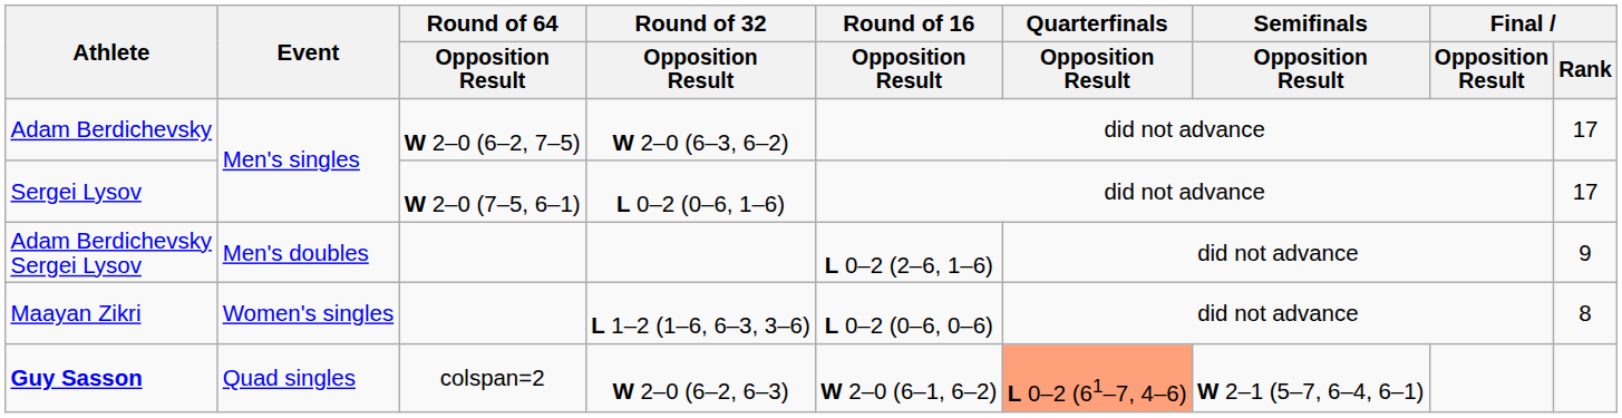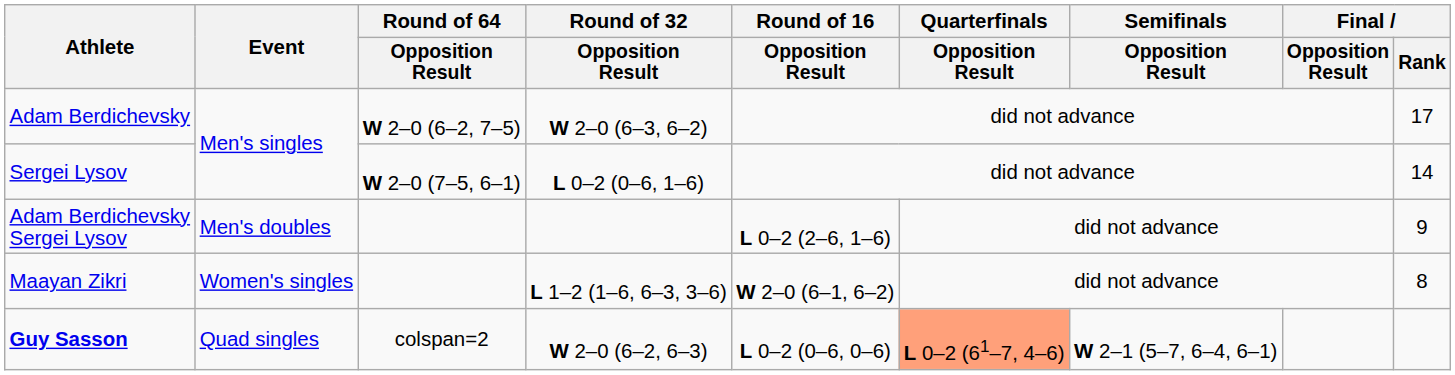 <table class="wikitable" style="font-size:90%;">
 <tr>
 <th rowspan=2>Athlete</th>
 <th rowspan=2>Event</th>
 <th>Round of 64</th>
 <th>Round of 32</th>
 <th>Round of 16</th>
 <th>Quarterfinals</th>
 <th>Semifinals</th>
 <th colspan=2>Final / </th>
 </tr>
 <tr style="font-size:95%">
 <th>Opposition<br>Result</th>
 <th>Opposition<br>Result</th>
 <th>Opposition<br>Result</th>
 <th>Opposition<br>Result</th>
 <th>Opposition<br>Result</th>
 <th>Opposition<br>Result</th>
 <th>Rank</th>
 </tr>
 <tr align=center>
 <td align=left><a href='#'>Adam Berdichevsky</a></td>
 <td rowspan=2 align=left><a href='#'>Men's singles</a></td>
 <td><br><strong>W</strong> 2–0 (6–2, 7–5)</td>
 <td><br><strong>W</strong> 2–0 (6–3, 6–2)</td>
 <td colspan=4>did not advance</td>
 <td>17</td>
 </tr>
 <tr align=center>
 <td align=left><a href='#'>Sergei Lysov</a></td>
 <td><br><strong>W</strong> 2–0 (7–5, 6–1)</td>
 <td><br><strong>L</strong> 0–2 (0–6, 1–6)</td>
 <td colspan=4>did not advance</td>
-<td>17</td>
+<td>14</td>
 </tr>
 <tr align=center>
 <td align=left><a href='#'>Adam Berdichevsky</a><br><a href='#'>Sergei Lysov</a></td>
 <td align=left><a href='#'>Men's doubles</a></td>
 <td></td>
 <td></td>
 <td><br><strong>L</strong> 0–2 (2–6, 1–6)</td>
 <td colspan=3>did not advance</td>
 <td>9</td>
 </tr>
 <tr align=center>
 <td align=left><a href='#'>Maayan Zikri</a></td>
 <td align=left><a href='#'>Women's singles</a></td>
 <td></td>
 <td><br><strong>L</strong> 1–2 (1–6, 6–3, 3–6)</td>
-<td><br><strong>L</strong> 0–2 (0–6, 0–6)</td>
+<td><br><strong>W</strong> 2–0 (6–1, 6–2)</td>
 <td colspan=3>did not advance</td>
 <td>8</td>
 </tr>
 <tr align=center>
 <td align=left><strong><a href='#'>Guy Sasson</a></strong></td>
 <td align=left><a href='#'>Quad singles</a></td>
 <td>colspan=2</td>
 <td><br><strong>W</strong> 2–0 (6–2, 6–3)</td>
-<td><br><strong>W</strong> 2–0 (6–1, 6–2)</td>
+<td><br><strong>L</strong> 0–2 (0–6, 0–6)</td>
 <td style="background: lightsalmon;"><br><strong>L</strong> 0–2 (6<sup>1</sup>–7, 4–6)</td>
 <td><br><strong>W</strong> 2–1 (5–7, 6–4, 6–1)</td>
 <td></td>
 </tr>
 </table>
